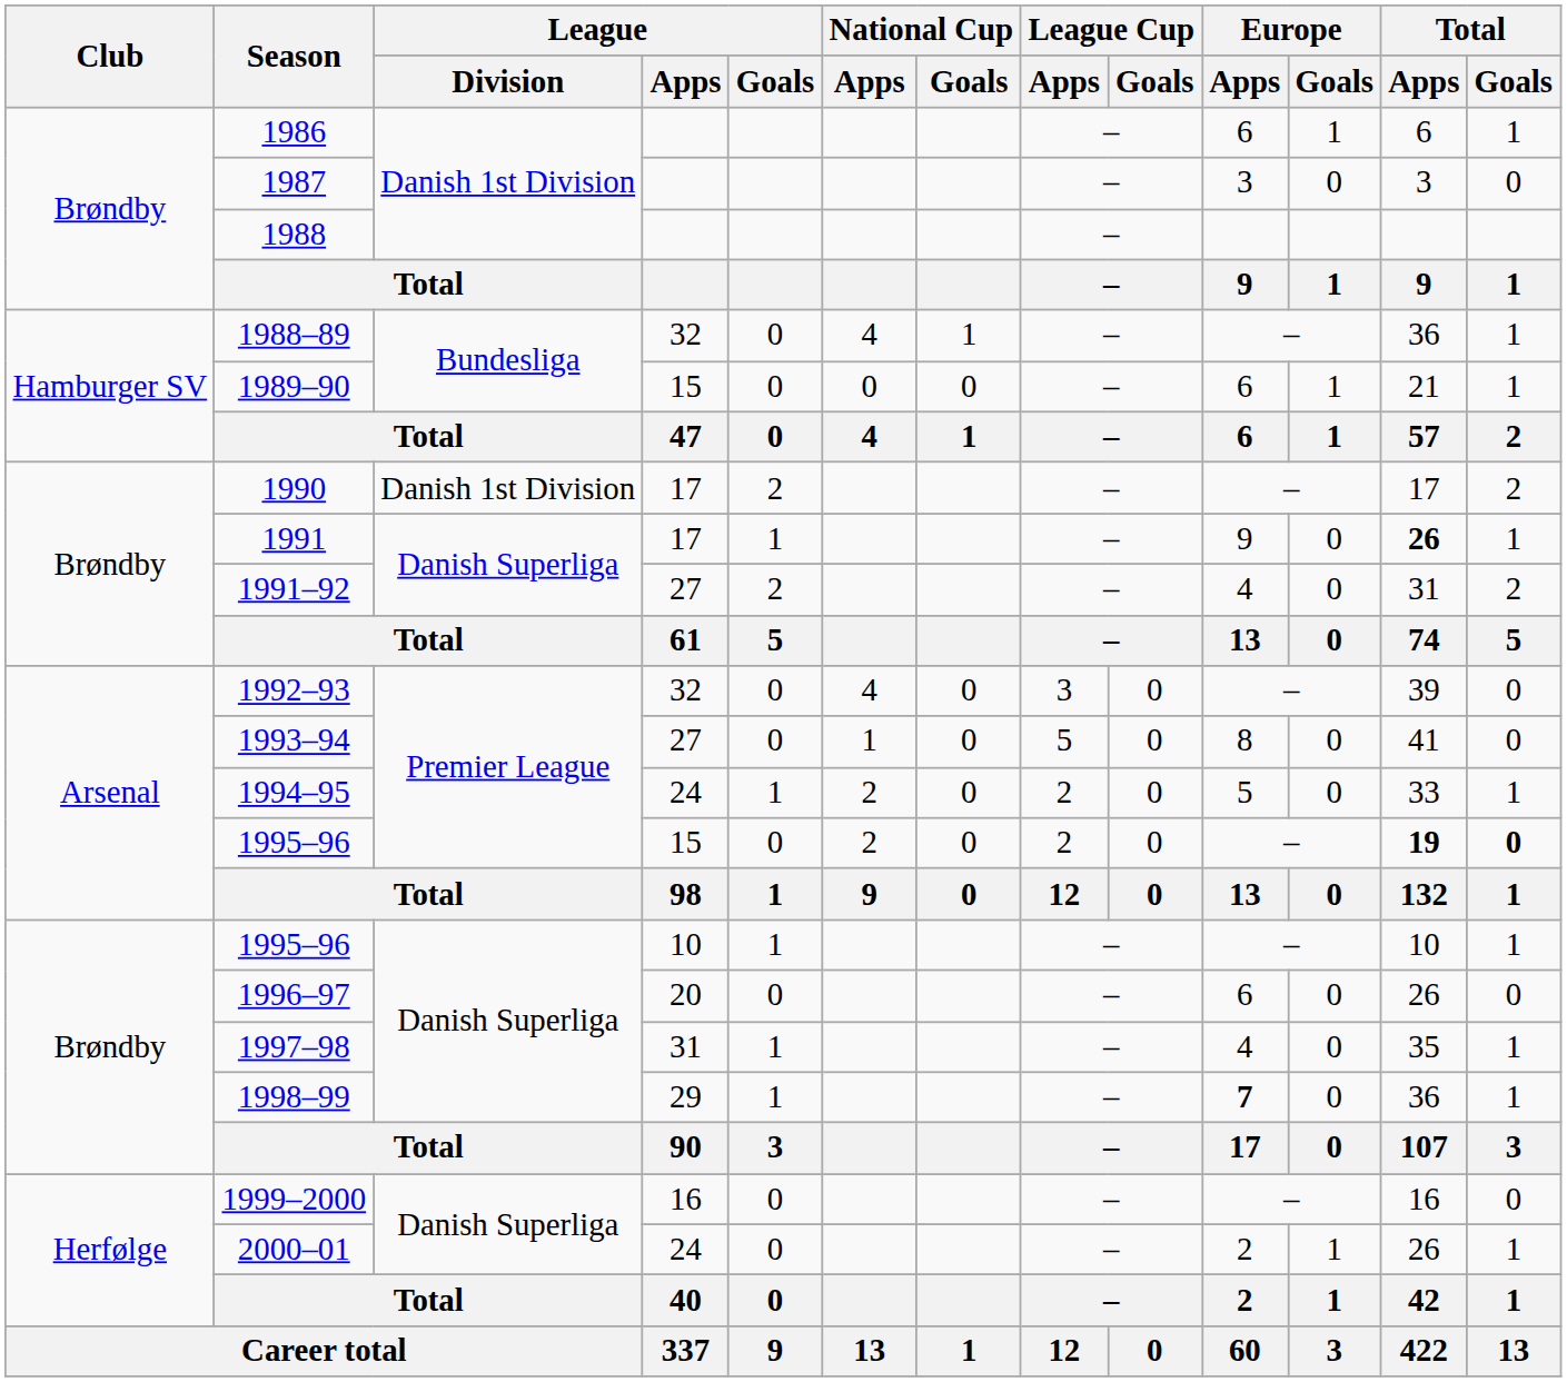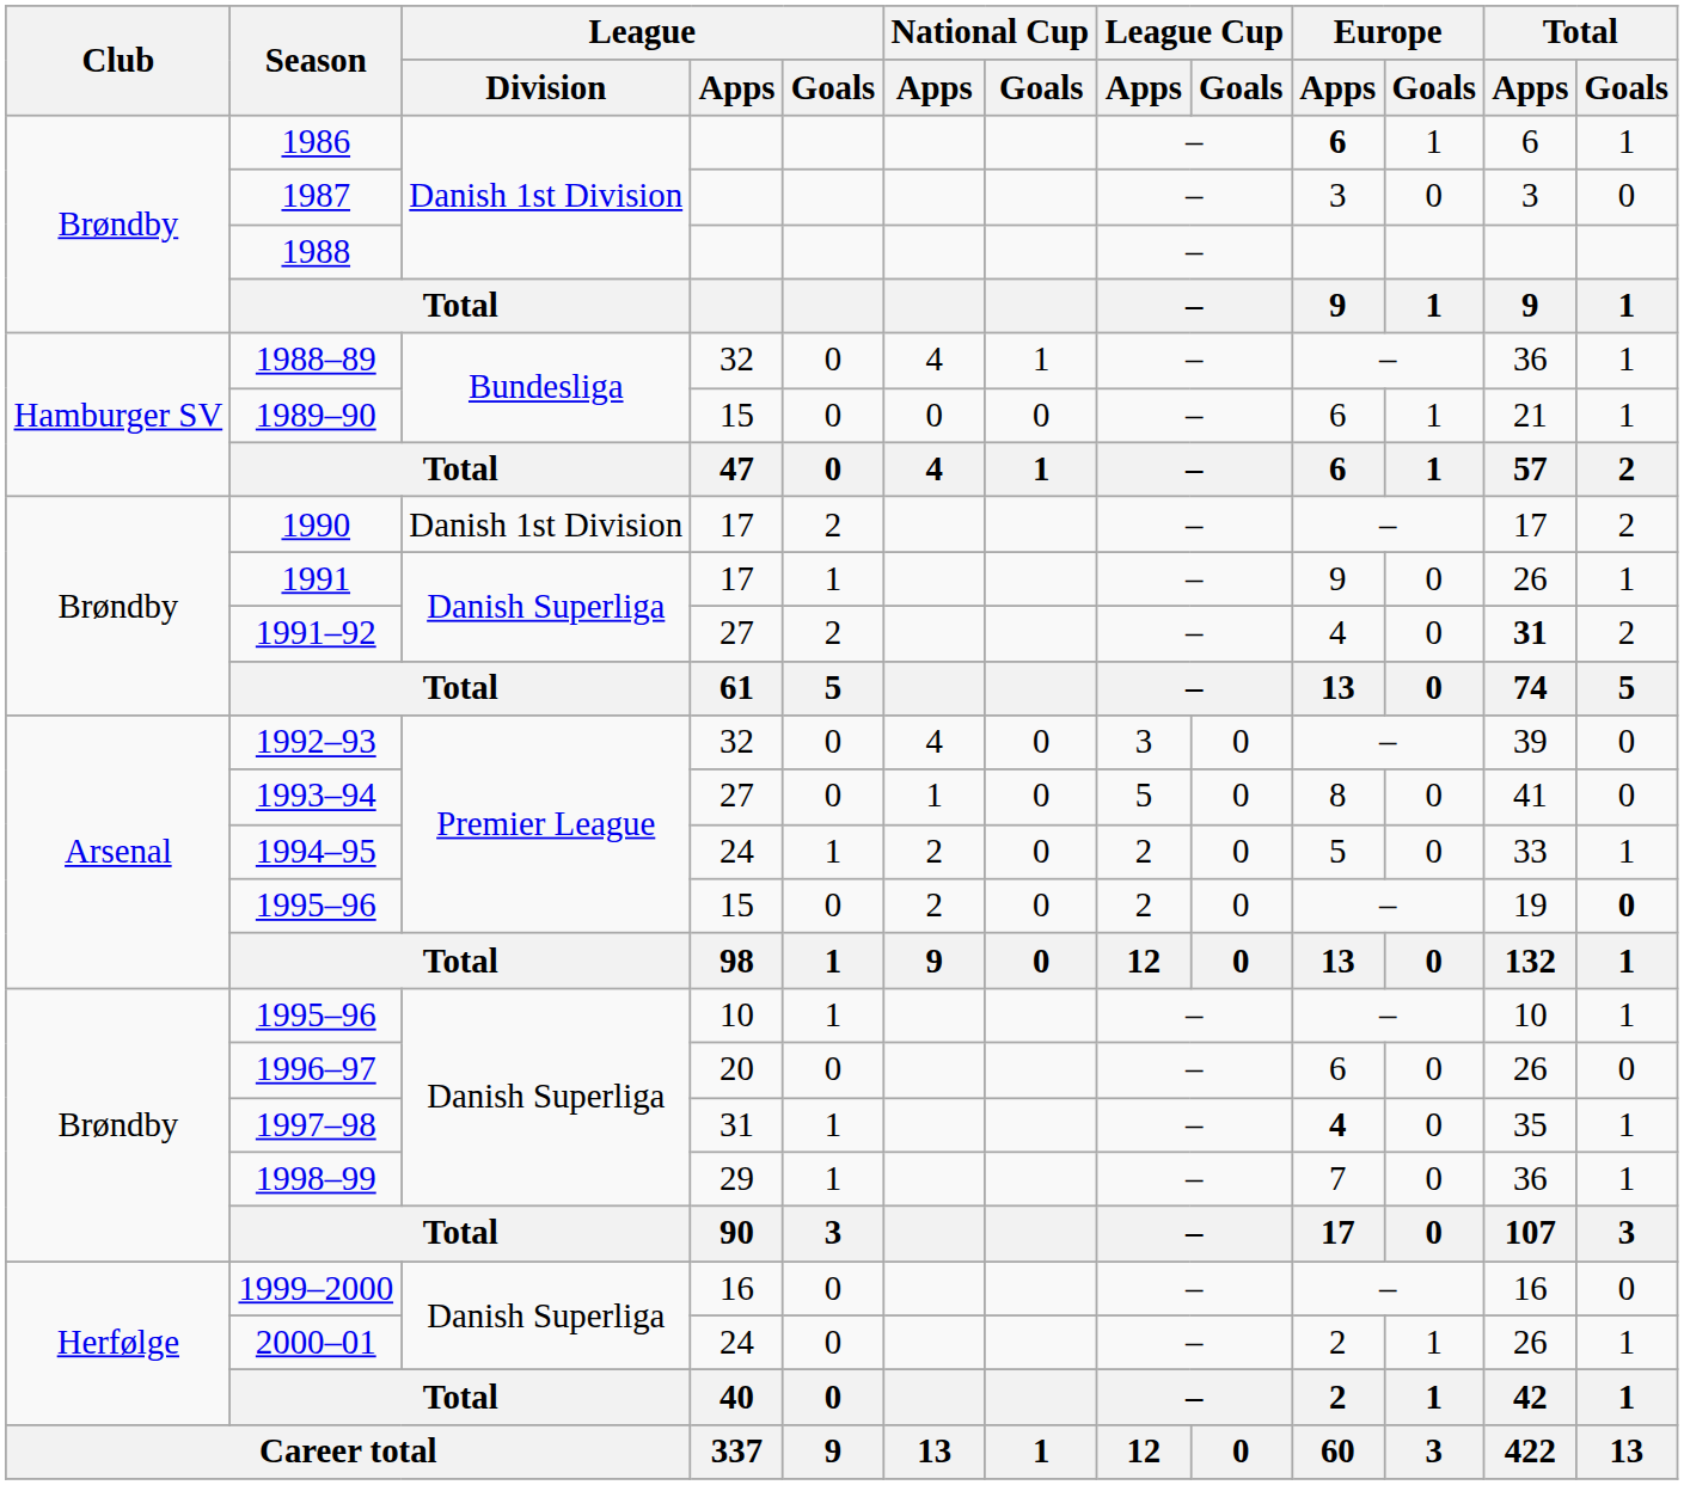 <table class=wikitable style=text-align:center>
 <tr>
 <th rowspan="2">Club</th>
 <th rowspan="2">Season</th>
 <th colspan="3">League</th>
 <th colspan="2">National Cup</th>
 <th colspan="2">League Cup</th>
 <th colspan="2">Europe</th>
 <th colspan="2">Total</th>
 </tr>
 <tr>
 <th>Division</th>
 <th>Apps</th>
 <th>Goals</th>
 <th>Apps</th>
 <th>Goals</th>
 <th>Apps</th>
 <th>Goals</th>
 <th>Apps</th>
 <th>Goals</th>
 <th>Apps</th>
 <th>Goals</th>
 </tr>
 <tr>
 <td rowspan="4"><a href='#'>Brøndby</a></td>
 <td><a href='#'>1986</a></td>
 <td rowspan="3"><a href='#'>Danish 1st Division</a></td>
 <td></td>
 <td></td>
 <td></td>
 <td></td>
 <td colspan="2">–</td>
-<td>6</td>
+<td><strong>6</strong></td>
 <td>1</td>
 <td>6</td>
 <td>1</td>
 </tr>
 <tr>
 <td><a href='#'>1987</a></td>
 <td></td>
 <td></td>
 <td></td>
 <td></td>
 <td colspan="2">–</td>
 <td>3</td>
 <td>0</td>
 <td>3</td>
 <td>0</td>
 </tr>
 <tr>
 <td><a href='#'>1988</a></td>
 <td></td>
 <td></td>
 <td></td>
 <td></td>
 <td colspan="2">–</td>
 <td></td>
 <td></td>
 <td></td>
 <td></td>
 </tr>
 <tr>
 <th colspan="2">Total</th>
 <th></th>
 <th></th>
 <th></th>
 <th></th>
 <th colspan="2">–</th>
 <th>9</th>
 <th>1</th>
 <th>9</th>
 <th>1</th>
 </tr>
 <tr>
 <td rowspan="3"><a href='#'>Hamburger SV</a></td>
 <td><a href='#'>1988–89</a></td>
 <td rowspan="2"><a href='#'>Bundesliga</a></td>
 <td>32</td>
 <td>0</td>
 <td>4</td>
 <td>1</td>
 <td colspan="2">–</td>
 <td colspan="2">–</td>
 <td>36</td>
 <td>1</td>
 </tr>
 <tr>
 <td><a href='#'>1989–90</a></td>
 <td>15</td>
 <td>0</td>
 <td>0</td>
 <td>0</td>
 <td colspan="2">–</td>
 <td>6</td>
 <td>1</td>
 <td>21</td>
 <td>1</td>
 </tr>
 <tr>
 <th colspan="2">Total</th>
 <th>47</th>
 <th>0</th>
 <th>4</th>
 <th>1</th>
 <th colspan="2">–</th>
 <th>6</th>
 <th>1</th>
 <th>57</th>
 <th>2</th>
 </tr>
 <tr>
 <td rowspan="4">Brøndby</td>
 <td><a href='#'>1990</a></td>
 <td>Danish 1st Division</td>
 <td>17</td>
 <td>2</td>
 <td></td>
 <td></td>
 <td colspan="2">–</td>
 <td colspan="2">–</td>
 <td>17</td>
 <td>2</td>
 </tr>
 <tr>
 <td><a href='#'>1991</a></td>
 <td rowspan="2"><a href='#'>Danish Superliga</a></td>
 <td>17</td>
 <td>1</td>
 <td></td>
 <td></td>
 <td colspan="2">–</td>
 <td>9</td>
 <td>0</td>
-<td><strong>26</strong></td>
+<td>26</td>
 <td>1</td>
 </tr>
 <tr>
 <td><a href='#'>1991–92</a></td>
 <td>27</td>
 <td>2</td>
 <td></td>
 <td></td>
 <td colspan="2">–</td>
 <td>4</td>
 <td>0</td>
-<td>31</td>
+<td><strong>31</strong></td>
 <td>2</td>
 </tr>
 <tr>
 <th colspan="2">Total</th>
 <th>61</th>
 <th>5</th>
 <th></th>
 <th></th>
 <th colspan="2">–</th>
 <th>13</th>
 <th>0</th>
 <th>74</th>
 <th>5</th>
 </tr>
 <tr>
 <td rowspan="5"><a href='#'>Arsenal</a></td>
 <td><a href='#'>1992–93</a></td>
 <td rowspan="4"><a href='#'>Premier League</a></td>
 <td>32</td>
 <td>0</td>
 <td>4</td>
 <td>0</td>
 <td>3</td>
 <td>0</td>
 <td colspan="2">–</td>
 <td>39</td>
 <td>0</td>
 </tr>
 <tr>
 <td><a href='#'>1993–94</a></td>
 <td>27</td>
 <td>0</td>
 <td>1</td>
 <td>0</td>
 <td>5</td>
 <td>0</td>
 <td>8</td>
 <td>0</td>
 <td>41</td>
 <td>0</td>
 </tr>
 <tr>
 <td><a href='#'>1994–95</a></td>
 <td>24</td>
 <td>1</td>
 <td>2</td>
 <td>0</td>
 <td>2</td>
 <td>0</td>
 <td>5</td>
 <td>0</td>
 <td>33</td>
 <td>1</td>
 </tr>
 <tr>
 <td><a href='#'>1995–96</a></td>
 <td>15</td>
 <td>0</td>
 <td>2</td>
 <td>0</td>
 <td>2</td>
 <td>0</td>
 <td colspan="2">–</td>
-<td><strong>19</strong></td>
+<td>19</td>
 <td><strong>0</strong></td>
 </tr>
 <tr>
 <th colspan="2">Total</th>
 <th>98</th>
 <th>1</th>
 <th>9</th>
 <th>0</th>
 <th>12</th>
 <th>0</th>
 <th>13</th>
 <th>0</th>
 <th>132</th>
 <th>1</th>
 </tr>
 <tr>
 <td rowspan="5">Brøndby</td>
 <td><a href='#'>1995–96</a></td>
 <td rowspan="4">Danish Superliga</td>
 <td>10</td>
 <td>1</td>
 <td></td>
 <td></td>
 <td colspan="2">–</td>
 <td colspan="2">–</td>
 <td>10</td>
 <td>1</td>
 </tr>
 <tr>
 <td><a href='#'>1996–97</a></td>
 <td>20</td>
 <td>0</td>
 <td></td>
 <td></td>
 <td colspan="2">–</td>
 <td>6</td>
 <td>0</td>
 <td>26</td>
 <td>0</td>
 </tr>
 <tr>
 <td><a href='#'>1997–98</a></td>
 <td>31</td>
 <td>1</td>
 <td></td>
 <td></td>
 <td colspan="2">–</td>
-<td>4</td>
+<td><strong>4</strong></td>
 <td>0</td>
 <td>35</td>
 <td>1</td>
 </tr>
 <tr>
 <td><a href='#'>1998–99</a></td>
 <td>29</td>
 <td>1</td>
 <td></td>
 <td></td>
 <td colspan="2">–</td>
-<td><strong>7</strong></td>
+<td>7</td>
 <td>0</td>
 <td>36</td>
 <td>1</td>
 </tr>
 <tr>
 <th colspan="2">Total</th>
 <th>90</th>
 <th>3</th>
 <th></th>
 <th></th>
 <th colspan="2">–</th>
 <th>17</th>
 <th>0</th>
 <th>107</th>
 <th>3</th>
 </tr>
 <tr>
 <td rowspan="3"><a href='#'>Herfølge</a></td>
 <td><a href='#'>1999–2000</a></td>
 <td rowspan="2">Danish Superliga</td>
 <td>16</td>
 <td>0</td>
 <td></td>
 <td></td>
 <td colspan="2">–</td>
 <td colspan="2">–</td>
 <td>16</td>
 <td>0</td>
 </tr>
 <tr>
 <td><a href='#'>2000–01</a></td>
 <td>24</td>
 <td>0</td>
 <td></td>
 <td></td>
 <td colspan="2">–</td>
 <td>2</td>
 <td>1</td>
 <td>26</td>
 <td>1</td>
 </tr>
 <tr>
 <th colspan="2">Total</th>
 <th>40</th>
 <th>0</th>
 <th></th>
 <th></th>
 <th colspan="2">–</th>
 <th>2</th>
 <th>1</th>
 <th>42</th>
 <th>1</th>
 </tr>
 <tr>
 <th colspan="3">Career total</th>
 <th>337</th>
 <th>9</th>
 <th>13</th>
 <th>1</th>
 <th>12</th>
 <th>0</th>
 <th>60</th>
 <th>3</th>
 <th>422</th>
 <th>13</th>
 </tr>
 </table>
